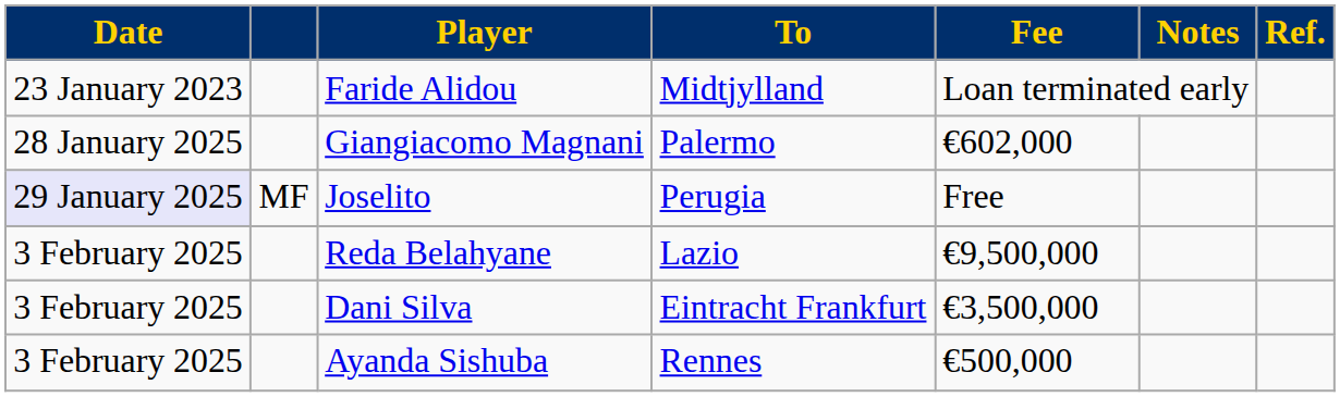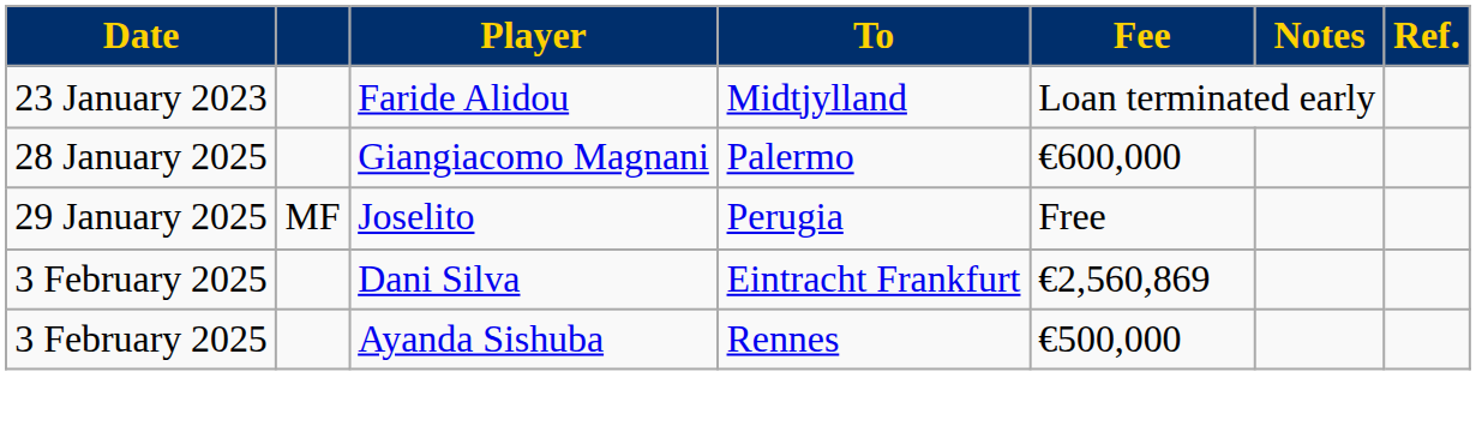 <table class="wikitable">
 <tr>
 <th style="background:#002F6C;color:#FFD100">Date</th>
 <th style="background:#002F6C;color:#FFD100"></th>
 <th style="background:#002F6C;color:#FFD100">Player</th>
 <th style="background:#002F6C;color:#FFD100">To</th>
 <th style="background:#002F6C;color:#FFD100">Fee</th>
 <th style="background:#002F6C;color:#FFD100">Notes</th>
 <th style="background:#002F6C;color:#FFD100">Ref.</th>
 </tr>
 <tr>
 <td>23 January 2023</td>
 <td></td>
 <td> <a href='#'>Faride Alidou</a></td>
 <td> <a href='#'>Midtjylland</a></td>
 <td colspan="2">Loan terminated early</td>
 <td></td>
 </tr>
 <tr>
 <td>28 January 2025</td>
 <td></td>
 <td> <a href='#'>Giangiacomo Magnani</a></td>
 <td> <a href='#'>Palermo</a></td>
-<td>€602,000</td>
+<td>€600,000</td>
 <td></td>
 <td></td>
 </tr>
 <tr>
-<td style="background: lavender;">29 January 2025</td>
+<td>29 January 2025</td>
 <td>MF</td>
 <td> <a href='#'>Joselito</a></td>
 <td> <a href='#'>Perugia</a></td>
 <td>Free</td>
 <td></td>
 <td></td>
 </tr>
 <tr>
 <td>3 February 2025</td>
 <td></td>
-<td> <a href='#'>Reda Belahyane</a></td>
-<td> <a href='#'>Lazio</a></td>
-<td>€9,500,000</td>
-<td></td>
-<td></td>
-</tr>
-<tr>
-<td>3 February 2025</td>
-<td></td>
 <td> <a href='#'>Dani Silva</a></td>
 <td> <a href='#'>Eintracht Frankfurt</a></td>
-<td>€3,500,000</td>
+<td>€2,560,869</td>
 <td></td>
 <td></td>
 </tr>
 <tr>
 <td>3 February 2025</td>
 <td></td>
 <td> <a href='#'>Ayanda Sishuba</a></td>
 <td> <a href='#'>Rennes</a></td>
 <td>€500,000</td>
 <td></td>
 <td></td>
 </tr>
 </table>
